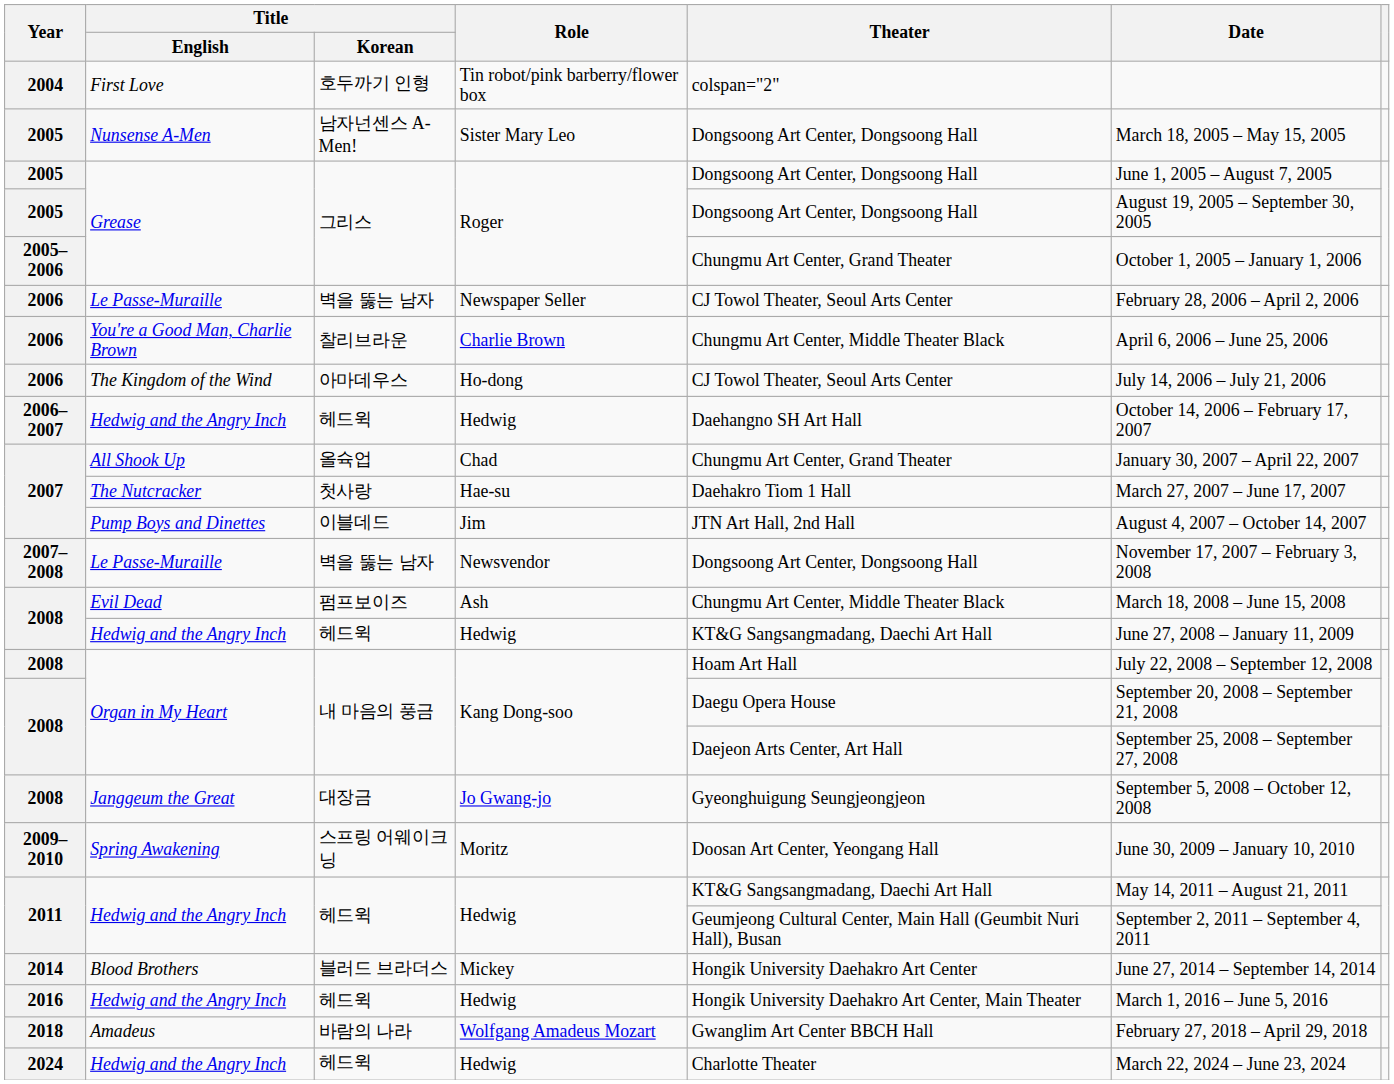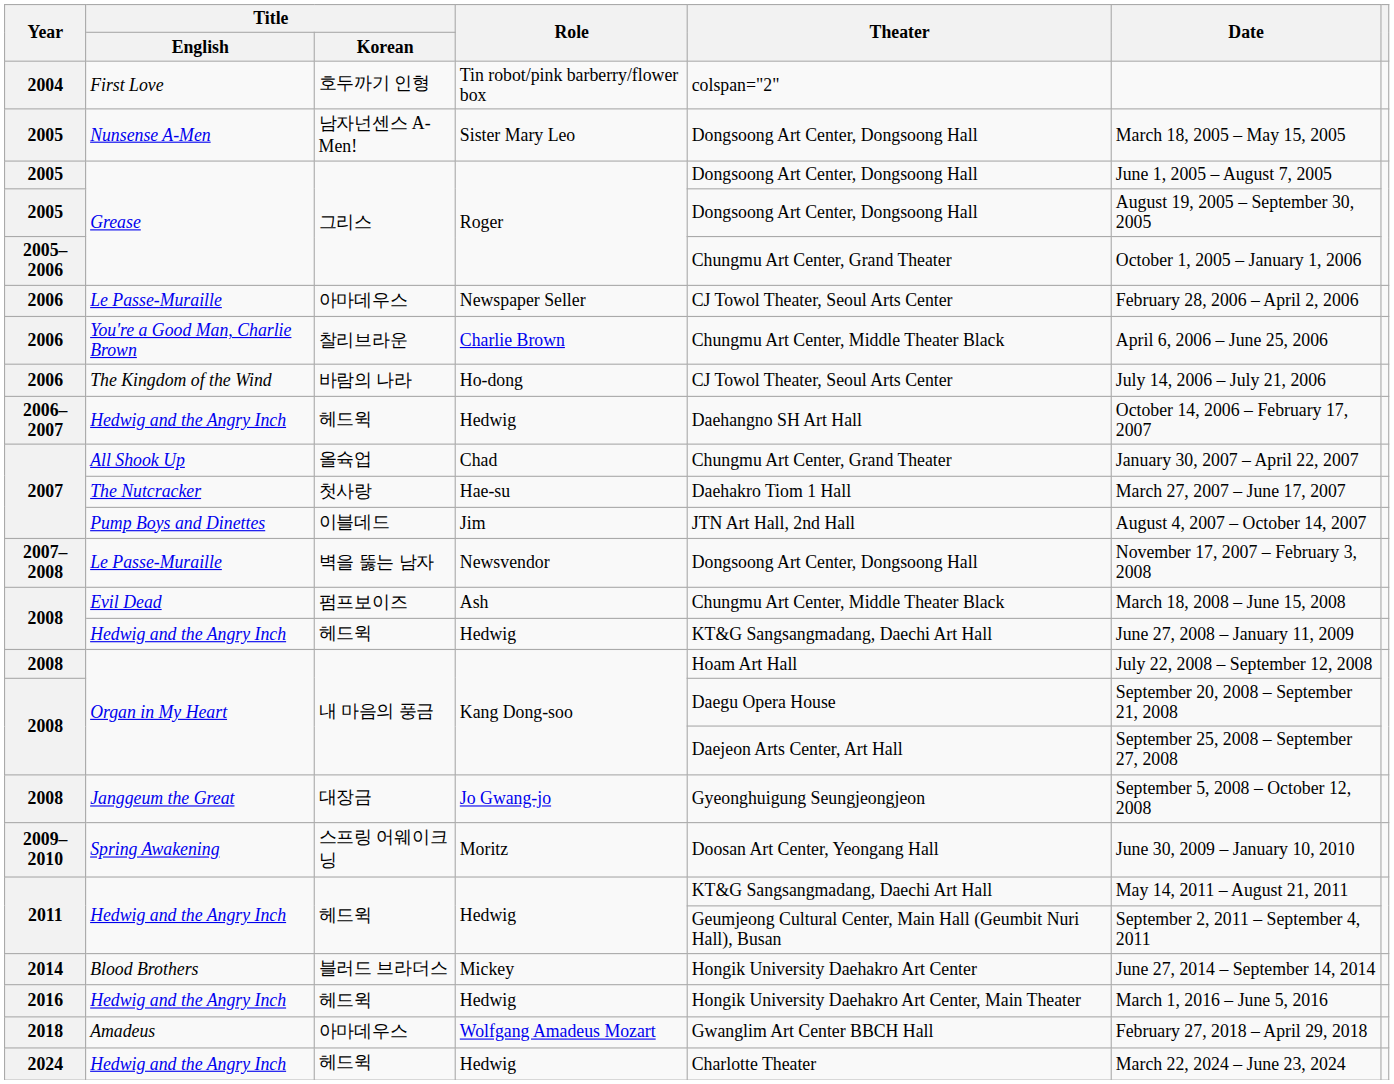 <table class="wikitable sortable plainrowheaders">
 <tr>
 <th rowspan="2" scope="col">Year</th>
 <th colspan="2" scope="col">Title</th>
 <th rowspan="2">Role</th>
 <th rowspan="2" scope="col">Theater</th>
 <th rowspan="2" scope="col" class="sortable">Date</th>
 <th rowspan="2" scope="col" class="unsortable"></th>
 </tr>
 <tr>
 <th>English</th>
 <th>Korean</th>
 </tr>
 <tr>
 <th scope="row">2004</th>
 <td><em>First Love</em></td>
 <td>호두까기 인형</td>
 <td>Tin robot/pink barberry/flower box</td>
 <td>colspan="2" </td>
 <td></td>
 </tr>
 <tr>
 <th scope="row">2005</th>
 <td><em><a href='#'>Nunsense A-Men</a></em></td>
 <td>남자넌센스 A-Men!</td>
 <td>Sister Mary Leo</td>
 <td>Dongsoong Art Center, Dongsoong Hall</td>
 <td>March 18, 2005 – May 15, 2005</td>
 <td></td>
 </tr>
 <tr>
 <th scope="row">2005</th>
 <td rowspan="3"><em><a href='#'>Grease</a></em></td>
 <td rowspan="3">그리스</td>
 <td rowspan="3">Roger</td>
 <td>Dongsoong Art Center, Dongsoong Hall</td>
 <td>June 1, 2005 – August 7, 2005</td>
 <td rowspan="3"></td>
 </tr>
 <tr>
 <th scope="row">2005</th>
 <td>Dongsoong Art Center, Dongsoong Hall</td>
 <td>August 19, 2005 – September 30, 2005</td>
 </tr>
 <tr>
 <th scope="row">2005–2006</th>
 <td>Chungmu Art Center, Grand Theater</td>
 <td>October 1, 2005 – January 1, 2006</td>
 </tr>
 <tr>
 <th scope="row">2006</th>
 <td><em><a href='#'>Le Passe-Muraille</a></em></td>
-<td>벽을 뚫는 남자</td>
+<td>아마데우스</td>
 <td>Newspaper Seller</td>
 <td>CJ Towol Theater, Seoul Arts Center</td>
 <td>February 28, 2006 – April 2, 2006</td>
 <td></td>
 </tr>
 <tr>
 <th scope="row">2006</th>
 <td><em><a href='#'>You're a Good Man, Charlie Brown</a></em></td>
 <td>찰리브라운</td>
 <td><a href='#'>Charlie Brown</a></td>
 <td>Chungmu Art Center, Middle Theater Black</td>
 <td>April 6, 2006 – June 25, 2006</td>
 <td></td>
 </tr>
 <tr>
 <th scope="row">2006</th>
 <td><em>The Kingdom of the Wind</em></td>
-<td>아마데우스</td>
+<td>바람의 나라</td>
 <td>Ho-dong</td>
 <td>CJ Towol Theater, Seoul Arts Center</td>
 <td>July 14, 2006 – July 21, 2006</td>
 <td></td>
 </tr>
 <tr>
 <th scope="row">2006–2007</th>
 <td><em><a href='#'>Hedwig and the Angry Inch</a></em></td>
 <td>헤드윅</td>
 <td>Hedwig</td>
 <td>Daehangno SH Art Hall</td>
 <td>October 14, 2006 – February 17, 2007</td>
 <td></td>
 </tr>
 <tr>
 <th rowspan="3" scope="row">2007</th>
 <td><em><a href='#'>All Shook Up</a></em></td>
 <td>올슉업</td>
 <td>Chad</td>
 <td>Chungmu Art Center, Grand Theater</td>
 <td>January 30, 2007 – April 22, 2007</td>
 <td></td>
 </tr>
 <tr>
 <td><em><a href='#'>The Nutcracker</a></em></td>
 <td>첫사랑</td>
 <td>Hae-su</td>
 <td>Daehakro Tiom 1 Hall</td>
 <td>March 27, 2007 – June 17, 2007</td>
 <td></td>
 </tr>
 <tr>
 <td><em><a href='#'>Pump Boys and Dinettes</a></em></td>
 <td>이블데드</td>
 <td>Jim</td>
 <td>JTN Art Hall, 2nd Hall</td>
 <td>August 4, 2007 – October 14, 2007</td>
 <td></td>
 </tr>
 <tr>
 <th scope="row">2007–2008</th>
 <td><em><a href='#'>Le Passe-Muraille</a></em></td>
 <td>벽을 뚫는 남자</td>
 <td>Newsvendor</td>
 <td>Dongsoong Art Center, Dongsoong Hall</td>
 <td>November 17, 2007 – February 3, 2008</td>
 <td></td>
 </tr>
 <tr>
 <th rowspan="2" scope="row">2008</th>
 <td><em><a href='#'>Evil Dead</a></em></td>
 <td>펌프보이즈</td>
 <td>Ash</td>
 <td>Chungmu Art Center, Middle Theater Black</td>
 <td>March 18, 2008 – June 15, 2008</td>
 <td></td>
 </tr>
 <tr>
 <td><em><a href='#'>Hedwig and the Angry Inch</a></em></td>
 <td>헤드윅</td>
 <td>Hedwig</td>
 <td>KT&G Sangsangmadang, Daechi Art Hall</td>
 <td>June 27, 2008 – January 11, 2009</td>
 <td></td>
 </tr>
 <tr>
 <th scope="row">2008</th>
 <td rowspan="3"><em><a href='#'>Organ in My Heart</a></em></td>
 <td rowspan="3">내 마음의 풍금</td>
 <td rowspan="3">Kang Dong-soo</td>
 <td>Hoam Art Hall</td>
 <td>July 22, 2008 – September 12, 2008</td>
 <td rowspan="3"></td>
 </tr>
 <tr>
 <th rowspan="2" scope="row">2008</th>
 <td>Daegu Opera House</td>
 <td>September 20, 2008 – September 21, 2008</td>
 </tr>
 <tr>
 <td>Daejeon Arts Center, Art Hall</td>
 <td>September 25, 2008 – September 27, 2008</td>
 </tr>
 <tr>
 <th scope="row">2008</th>
 <td><em><a href='#'>Janggeum the Great</a></em></td>
 <td>대장금</td>
 <td><a href='#'>Jo Gwang-jo</a></td>
 <td>Gyeonghuigung Seungjeongjeon</td>
 <td>September 5, 2008 – October 12, 2008</td>
 <td></td>
 </tr>
 <tr>
 <th scope="row">2009–2010</th>
 <td><em><a href='#'>Spring Awakening</a></em></td>
 <td>스프링 어웨이크닝</td>
 <td>Moritz</td>
 <td>Doosan Art Center, Yeongang Hall</td>
 <td>June 30, 2009 – January 10, 2010</td>
 <td></td>
 </tr>
 <tr>
 <th rowspan="2" scope="row">2011</th>
 <td rowspan="2"><em><a href='#'>Hedwig and the Angry Inch</a></em></td>
 <td rowspan="2">헤드윅</td>
 <td rowspan="2">Hedwig</td>
 <td>KT&G Sangsangmadang, Daechi Art Hall</td>
 <td>May 14, 2011 – August 21, 2011</td>
 <td rowspan="2"></td>
 </tr>
 <tr>
 <td>Geumjeong Cultural Center, Main Hall (Geumbit Nuri Hall), Busan</td>
 <td>September 2, 2011 – September 4, 2011</td>
 </tr>
 <tr>
 <th scope="row">2014</th>
 <td><em>Blood Brothers</em></td>
 <td>블러드 브라더스</td>
 <td>Mickey</td>
 <td>Hongik University Daehakro Art Center</td>
 <td>June 27, 2014 – September 14, 2014</td>
 <td></td>
 </tr>
 <tr>
 <th scope="row">2016</th>
 <td><em><a href='#'>Hedwig and the Angry Inch</a></em></td>
 <td>헤드윅</td>
 <td>Hedwig</td>
 <td>Hongik University Daehakro Art Center, Main Theater</td>
 <td>March 1, 2016 – June 5, 2016</td>
 <td></td>
 </tr>
 <tr>
 <th scope="row">2018</th>
 <td><em>Amadeus</em></td>
-<td>바람의 나라</td>
+<td>아마데우스</td>
 <td><a href='#'>Wolfgang Amadeus Mozart</a></td>
 <td>Gwanglim Art Center BBCH Hall</td>
 <td>February 27, 2018 – April 29, 2018</td>
 <td></td>
 </tr>
 <tr>
 <th scope="row">2024</th>
 <td><em><a href='#'>Hedwig and the Angry Inch</a></em></td>
 <td>헤드윅</td>
 <td>Hedwig</td>
 <td>Charlotte Theater</td>
 <td>March 22, 2024 – June 23, 2024</td>
 <td></td>
 </tr>
 </table>
